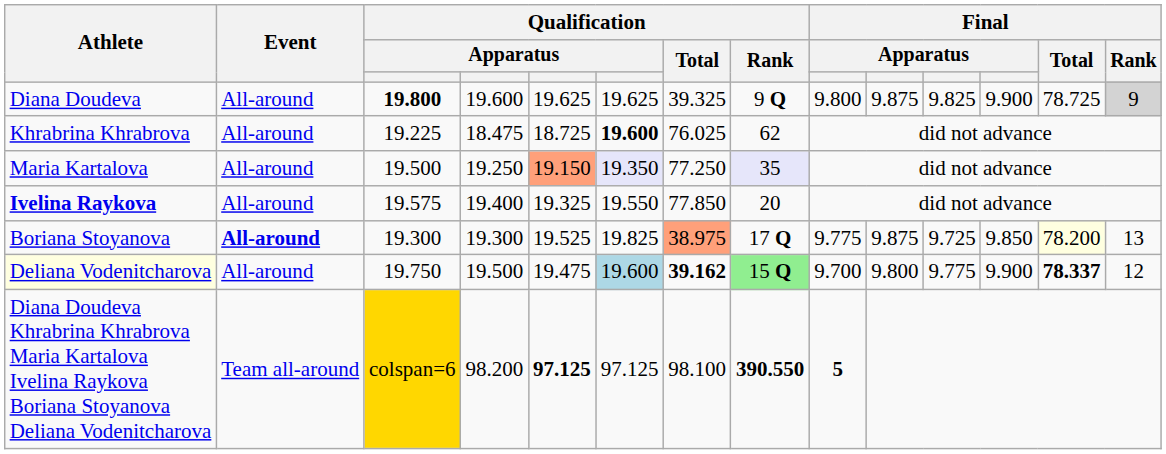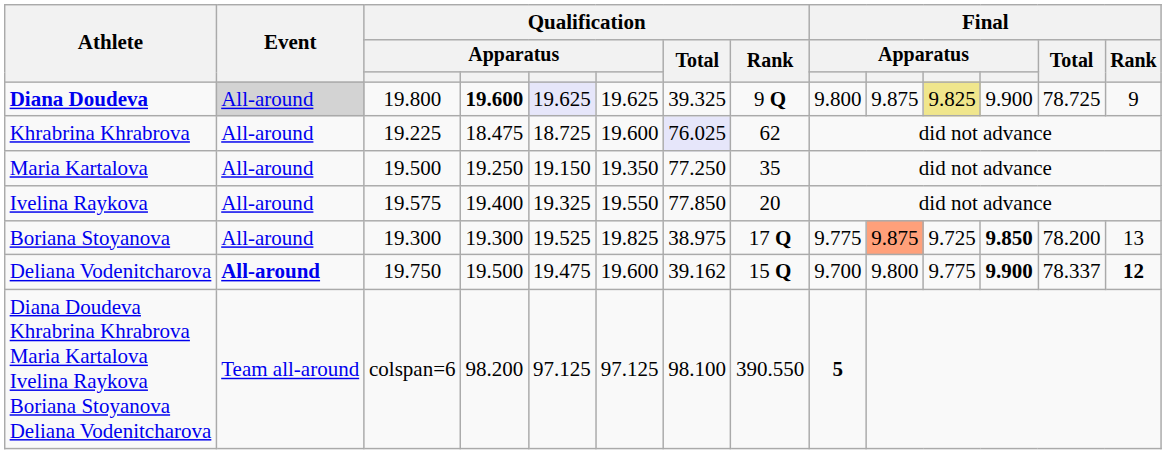 <table class="wikitable" style="font-size:90%">
 <tr>
 <th rowspan=3>Athlete</th>
 <th rowspan=3>Event</th>
 <th colspan =6>Qualification</th>
 <th colspan =6>Final</th>
 </tr>
 <tr style="font-size:95%">
 <th colspan=4>Apparatus</th>
 <th rowspan=2>Total</th>
 <th rowspan=2>Rank</th>
 <th colspan=4>Apparatus</th>
 <th rowspan=2>Total</th>
 <th rowspan=2>Rank</th>
 </tr>
 <tr style="font-size:95%">
 <th></th>
 <th></th>
 <th></th>
 <th></th>
 <th></th>
 <th></th>
 <th></th>
 <th></th>
 </tr>
 <tr align=center>
-<td align=left><a href='#'>Diana Doudeva</a></td>
-<td align=left><a href='#'>All-around</a></td>
-<td><strong>19.800</strong></td>
-<td>19.600</td>
-<td>19.625</td>
+<td align=left><strong><a href='#'>Diana Doudeva</a></strong></td>
+<td align=left style="background: lightgrey;"><a href='#'>All-around</a></td>
+<td>19.800</td>
+<td><strong>19.600</strong></td>
+<td style="background: lavender;">19.625</td>
 <td>19.625</td>
 <td>39.325</td>
 <td>9 <strong>Q</strong></td>
 <td>9.800</td>
 <td>9.875</td>
-<td>9.825</td>
+<td style="background: khaki;">9.825</td>
 <td>9.900</td>
 <td>78.725</td>
-<td style="background: lightgrey;">9</td>
+<td>9</td>
 </tr>
 <tr align=center>
 <td align=left><a href='#'>Khrabrina Khrabrova</a></td>
 <td align=left><a href='#'>All-around</a></td>
 <td>19.225</td>
 <td>18.475</td>
 <td>18.725</td>
-<td><strong>19.600</strong></td>
-<td>76.025</td>
+<td>19.600</td>
+<td style="background: lavender;">76.025</td>
 <td>62</td>
 <td colspan=6>did not advance</td>
 </tr>
 <tr align=center>
 <td align=left><a href='#'>Maria Kartalova</a></td>
 <td align=left><a href='#'>All-around</a></td>
 <td>19.500</td>
 <td>19.250</td>
-<td style="background: lightsalmon;">19.150</td>
-<td style="background: lavender;">19.350</td>
+<td>19.150</td>
+<td>19.350</td>
 <td>77.250</td>
-<td style="background: lavender;">35</td>
+<td>35</td>
 <td colspan=6>did not advance</td>
 </tr>
 <tr align=center>
-<td align=left><strong><a href='#'>Ivelina Raykova</a></strong></td>
+<td align=left><a href='#'>Ivelina Raykova</a></td>
 <td align=left><a href='#'>All-around</a></td>
 <td>19.575</td>
 <td>19.400</td>
 <td>19.325</td>
 <td>19.550</td>
 <td>77.850</td>
 <td>20</td>
 <td colspan=6>did not advance</td>
 </tr>
 <tr align=center>
 <td align=left><a href='#'>Boriana Stoyanova</a></td>
-<td align=left><strong><a href='#'>All-around</a></strong></td>
+<td align=left><a href='#'>All-around</a></td>
 <td>19.300</td>
 <td>19.300</td>
 <td>19.525</td>
 <td>19.825</td>
-<td style="background: lightsalmon;">38.975</td>
+<td>38.975</td>
 <td>17 <strong>Q</strong></td>
 <td>9.775</td>
-<td>9.875</td>
+<td style="background: lightsalmon;">9.875</td>
 <td>9.725</td>
-<td>9.850</td>
-<td style="background: lightyellow;">78.200</td>
+<td><strong>9.850</strong></td>
+<td>78.200</td>
 <td>13</td>
 </tr>
 <tr align=center>
-<td align=left style="background: lightyellow;"><a href='#'>Deliana Vodenitcharova</a></td>
-<td align=left><a href='#'>All-around</a></td>
+<td align=left><a href='#'>Deliana Vodenitcharova</a></td>
+<td align=left><strong><a href='#'>All-around</a></strong></td>
 <td>19.750</td>
 <td>19.500</td>
 <td>19.475</td>
-<td style="background: lightblue;">19.600</td>
-<td><strong>39.162</strong></td>
-<td style="background: lightgreen;">15 <strong>Q</strong></td>
+<td>19.600</td>
+<td>39.162</td>
+<td>15 <strong>Q</strong></td>
 <td>9.700</td>
 <td>9.800</td>
 <td>9.775</td>
-<td>9.900</td>
-<td><strong>78.337</strong></td>
-<td>12</td>
+<td><strong>9.900</strong></td>
+<td>78.337</td>
+<td><strong>12</strong></td>
 </tr>
 <tr align=center>
 <td align=left><a href='#'>Diana Doudeva</a><br><a href='#'>Khrabrina Khrabrova</a><br><a href='#'>Maria Kartalova</a><br><a href='#'>Ivelina Raykova</a><br><a href='#'>Boriana Stoyanova</a><br><a href='#'>Deliana Vodenitcharova</a></td>
 <td align=left><a href='#'>Team all-around</a></td>
-<td style="background: gold;">colspan=6 </td>
+<td>colspan=6 </td>
 <td>98.200</td>
-<td><strong>97.125</strong></td>
+<td>97.125</td>
 <td>97.125</td>
 <td>98.100</td>
-<td><strong>390.550</strong></td>
+<td>390.550</td>
 <td><strong>5</strong></td>
 </tr>
 </table>
